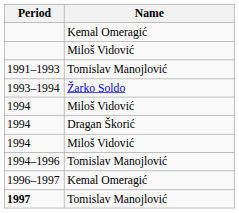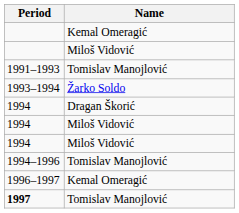 <table class="wikitable">
 <tr>
 <th width="75">Period</th>
 <th width="225">Name</th>
 </tr>
 <tr>
 <td></td>
 <td> Kemal Omeragić</td>
 </tr>
 <tr>
 <td></td>
 <td> Miloš Vidović</td>
 </tr>
 <tr>
 <td>1991–1993</td>
 <td> Tomislav Manojlović</td>
 </tr>
 <tr>
 <td>1993–1994</td>
 <td> <a href='#'>Žarko Soldo</a></td>
 </tr>
 <tr>
 <td>1994</td>
-<td> Miloš Vidović</td>
+<td> Dragan Škorić</td>
 </tr>
 <tr>
 <td>1994</td>
-<td> Dragan Škorić</td>
+<td> Miloš Vidović</td>
 </tr>
 <tr>
 <td>1994</td>
 <td> Miloš Vidović</td>
 </tr>
 <tr>
 <td>1994–1996</td>
 <td> Tomislav Manojlović</td>
 </tr>
 <tr>
 <td>1996–1997</td>
 <td> Kemal Omeragić</td>
 </tr>
 <tr>
 <td><strong>1997</strong></td>
 <td> Tomislav Manojlović</td>
 </tr>
 </table>
